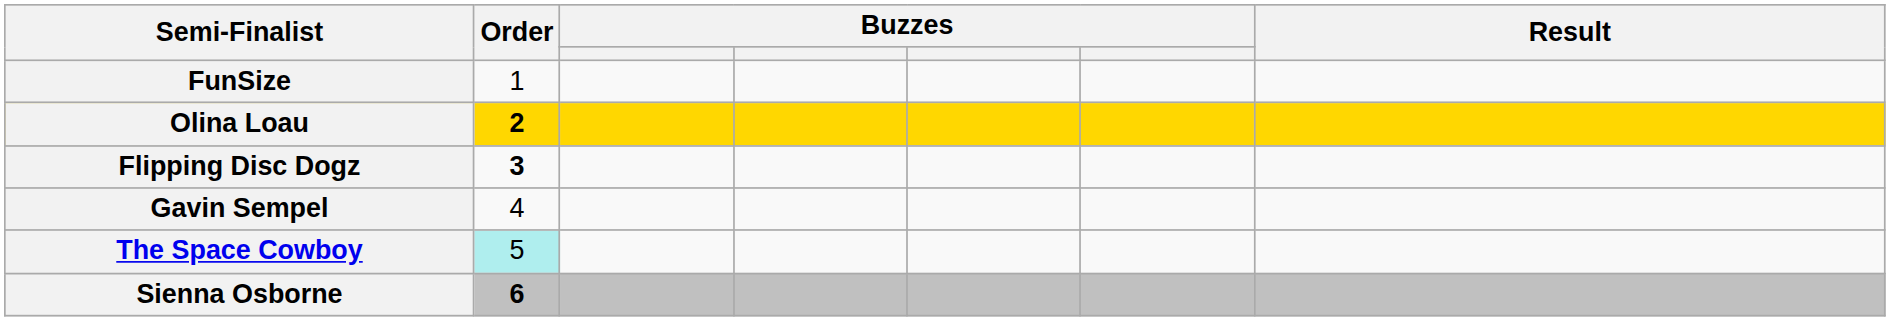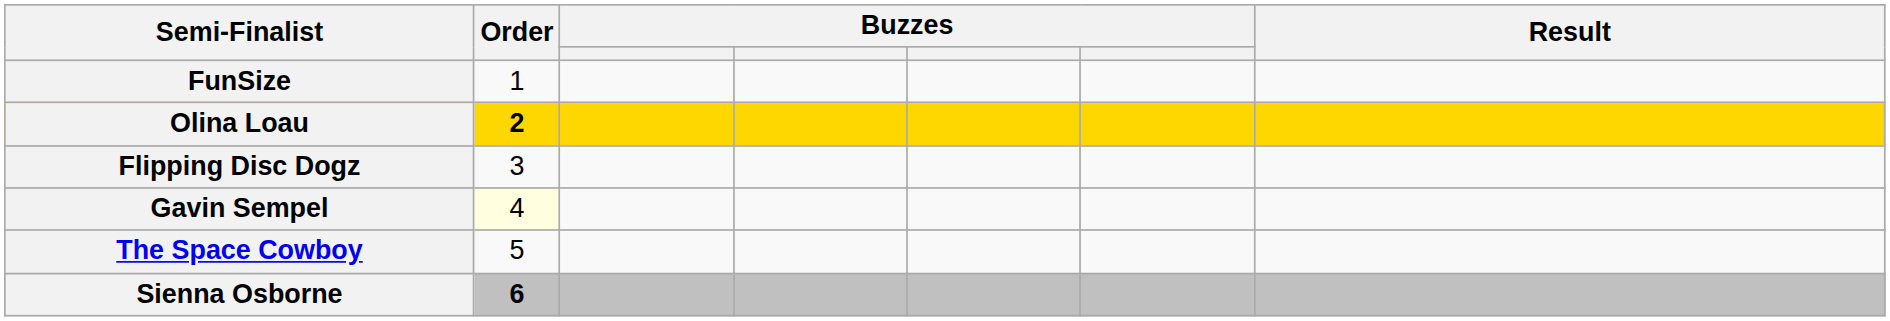 <table class="wikitable plainrowheaders sortable" style="text-align:center;">
 <tr>
 <th scope="col" rowspan="2" class="unsortable" style="width:17em;">Semi-Finalist</th>
 <th scope="col" rowspan="2" style="width:1em;">Order</th>
 <th scope="col" colspan="4" class="unsortable" style="width:24em;">Buzzes</th>
 <th scope="col" rowspan="2" style="width:23em;">Result</th>
 </tr>
 <tr>
 <th scope="col" class="unsortable" style="width:6em;"></th>
 <th scope="col" class="unsortable" style="width:6em;"></th>
 <th scope="col" class="unsortable" style="width:6em;"></th>
 <th scope="col" class="unsortable" style="width:6em;"></th>
 </tr>
 <tr>
 <th scope="row">FunSize</th>
 <td>1</td>
 <td style="text-align:center;"></td>
 <td style="text-align:center;"></td>
 <td style="text-align:center;"></td>
 <td style="text-align:center;"></td>
 <td></td>
 </tr>
 <tr bgcolor=gold>
 <th scope="row"><strong>Olina Loau</strong></th>
 <td><strong>2</strong></td>
 <td style="text-align:center;"></td>
 <td style="text-align:center;"></td>
 <td style="text-align:center;"></td>
 <td style="text-align:center;"></td>
 <td><strong></strong></td>
 </tr>
 <tr>
 <th scope="row">Flipping Disc Dogz</th>
-<td><strong>3</strong></td>
+<td>3</td>
 <td style="text-align:center;"></td>
 <td style="text-align:center;"></td>
 <td style="text-align:center;"></td>
 <td style="text-align:center;"></td>
 <td></td>
 </tr>
 <tr>
 <th scope="row">Gavin Sempel</th>
-<td>4</td>
+<td style="background: lightyellow;">4</td>
 <td style="text-align:center;"></td>
 <td style="text-align:center;"></td>
 <td style="text-align:center;"></td>
 <td style="text-align:center;"></td>
 <td></td>
 </tr>
 <tr>
 <th scope="row"><a href='#'>The Space Cowboy</a></th>
-<td style="background: paleturquoise;">5</td>
+<td>5</td>
 <td style="text-align:center;"></td>
 <td style="text-align:center;"></td>
 <td style="text-align:center;"></td>
 <td style="text-align:center;"></td>
 <td></td>
 </tr>
 <tr bgcolor=silver>
 <th scope="row"><strong>Sienna Osborne</strong></th>
 <td><strong>6</strong></td>
 <td style="text-align:center;"></td>
 <td style="text-align:center;"></td>
 <td style="text-align:center;"></td>
 <td style="text-align:center;"></td>
 <td><strong></strong></td>
 </tr>
 </table>
